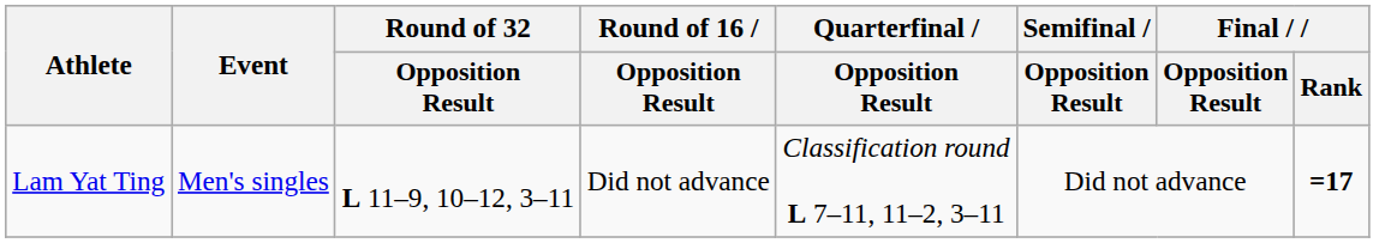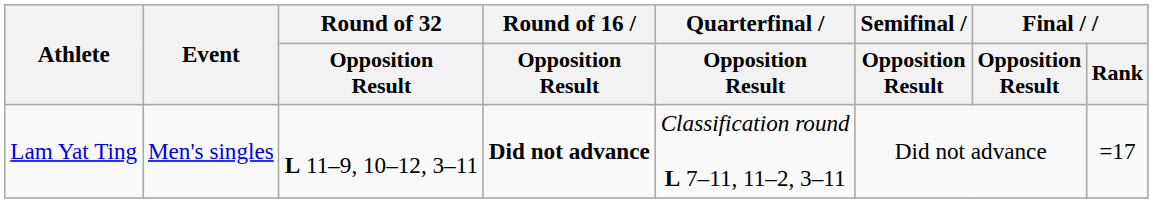 <table class=wikitable style=font-size:90%;text-align:center>
 <tr>
 <th rowspan=2>Athlete</th>
 <th rowspan=2>Event</th>
 <th>Round of 32</th>
 <th>Round of 16 / </th>
 <th>Quarterfinal / </th>
 <th>Semifinal / </th>
 <th colspan=2>Final /  / </th>
 </tr>
 <tr style=font-size:95%>
 <th>Opposition<br>Result</th>
 <th>Opposition<br>Result</th>
 <th>Opposition<br>Result</th>
 <th>Opposition<br>Result</th>
 <th>Opposition<br>Result</th>
 <th>Rank</th>
 </tr>
 <tr>
 <td align=left><a href='#'>Lam Yat Ting</a></td>
 <td align=left><a href='#'>Men's singles</a></td>
 <td><br><strong>L</strong> 11–9, 10–12, 3–11</td>
-<td>Did not advance</td>
+<td><strong>Did not advance</strong></td>
 <td><em>Classification round</em><br><br><strong>L</strong> 7–11, 11–2, 3–11</td>
 <td colspan=2>Did not advance</td>
-<td><strong>=17</strong></td>
+<td>=17</td>
 </tr>
 </table>
